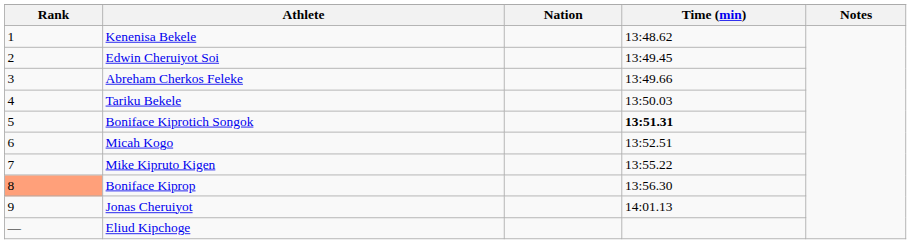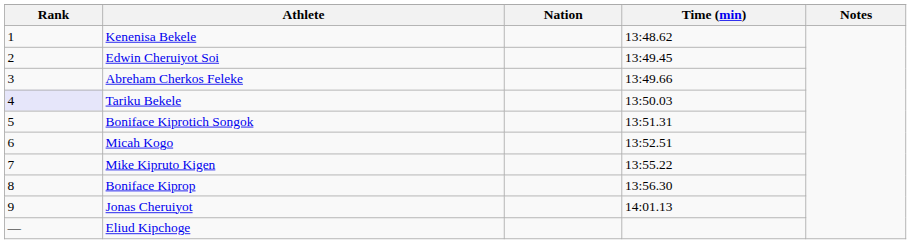 <table class="wikitable" width=85%>
 <tr>
 </tr>
 <tr>
 <th>Rank</th>
 <th>Athlete</th>
 <th>Nation</th>
 <th>Time (<a href='#'>min</a>)</th>
 <th>Notes</th>
 </tr>
 <tr>
 <td>1</td>
 <td><a href='#'>Kenenisa Bekele</a></td>
 <td></td>
 <td>13:48.62</td>
 </tr>
 <tr>
 <td>2</td>
 <td><a href='#'>Edwin Cheruiyot Soi</a></td>
 <td></td>
 <td>13:49.45</td>
 </tr>
 <tr>
 <td>3</td>
 <td><a href='#'>Abreham Cherkos Feleke</a></td>
 <td></td>
 <td>13:49.66</td>
 </tr>
 <tr>
-<td>4</td>
+<td style="background: lavender;">4</td>
 <td><a href='#'>Tariku Bekele</a></td>
 <td></td>
 <td>13:50.03</td>
 </tr>
 <tr>
 <td>5</td>
 <td><a href='#'>Boniface Kiprotich Songok</a></td>
 <td></td>
-<td><strong>13:51.31</strong></td>
+<td>13:51.31</td>
 </tr>
 <tr>
 <td>6</td>
 <td><a href='#'>Micah Kogo</a></td>
 <td></td>
 <td>13:52.51</td>
 </tr>
 <tr>
 <td>7</td>
 <td><a href='#'>Mike Kipruto Kigen</a></td>
 <td></td>
 <td>13:55.22</td>
 </tr>
 <tr>
-<td style="background: lightsalmon;">8</td>
+<td>8</td>
 <td><a href='#'>Boniface Kiprop</a></td>
 <td></td>
 <td>13:56.30</td>
 </tr>
 <tr>
 <td>9</td>
 <td><a href='#'>Jonas Cheruiyot</a></td>
 <td></td>
 <td>14:01.13</td>
 </tr>
 <tr>
 <td>—</td>
 <td><a href='#'>Eliud Kipchoge</a></td>
 <td></td>
 <td></td>
 </tr>
 </table>
